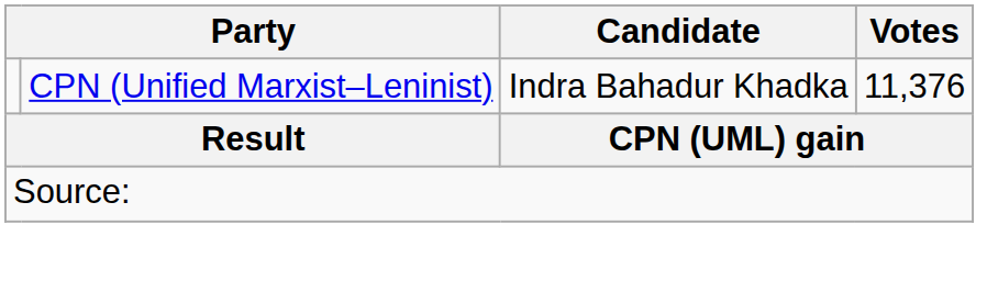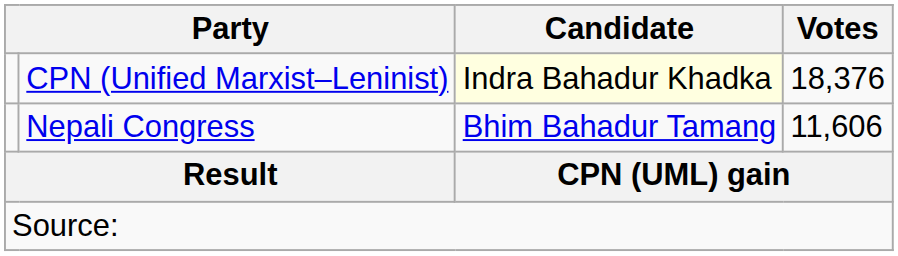 <table class="wikitable">
 <tr>
 <th colspan="2">Party</th>
 <th>Candidate</th>
 <th>Votes</th>
 </tr>
 <tr>
 <td style="background-color:"></td>
 <td><a href='#'>CPN (Unified Marxist–Leninist)</a></td>
-<td>Indra Bahadur Khadka</td>
-<td>11,376</td>
+<td style="background: lightyellow;">Indra Bahadur Khadka</td>
+<td>18,376</td>
+</tr>
+<tr>
+<td style="background-color:"></td>
+<td><a href='#'>Nepali Congress</a></td>
+<td><a href='#'>Bhim Bahadur Tamang</a></td>
+<td>11,606</td>
 </tr>
 <tr>
 <th colspan="2">Result</th>
 <th colspan="2">CPN (UML) gain</th>
 </tr>
 <tr>
 <td colspan="4">Source: </td>
 </tr>
 </table>
